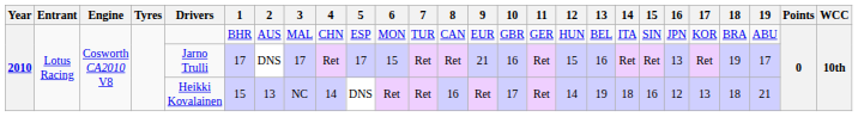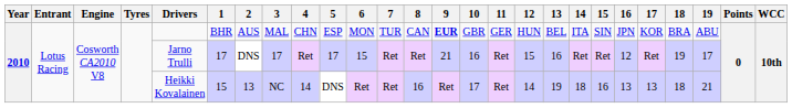 <table class="wikitable" border="1" style="text-align:center; font-size:95%;">
 <tr>
 <th>Year</th>
 <th>Entrant</th>
 <th>Engine</th>
 <th>Tyres</th>
 <th>Drivers</th>
 <th>1</th>
 <th>2</th>
 <th>3</th>
 <th>4</th>
 <th>5</th>
 <th>6</th>
 <th>7</th>
 <th>8</th>
 <th>9</th>
 <th>10</th>
 <th>11</th>
 <th>12</th>
 <th>13</th>
 <th>14</th>
 <th>15</th>
 <th>16</th>
 <th>17</th>
 <th>18</th>
 <th>19</th>
 <th>Points</th>
 <th>WCC</th>
 </tr>
 <tr>
 <th rowspan="3"><a href='#'>2010</a></th>
 <td rowspan="3"><a href='#'>Lotus Racing</a></td>
 <td rowspan="3"><a href='#'>Cosworth <em>CA2010</em></a> <a href='#'>V8</a></td>
 <td rowspan="3"></td>
 <td></td>
 <td><a href='#'>BHR</a></td>
 <td><a href='#'>AUS</a></td>
 <td><a href='#'>MAL</a></td>
 <td><a href='#'>CHN</a></td>
 <td><a href='#'>ESP</a></td>
 <td><a href='#'>MON</a></td>
 <td><a href='#'>TUR</a></td>
 <td><a href='#'>CAN</a></td>
-<td><a href='#'>EUR</a></td>
+<td><strong><a href='#'>EUR</a></strong></td>
 <td><a href='#'>GBR</a></td>
 <td><a href='#'>GER</a></td>
 <td><a href='#'>HUN</a></td>
 <td><a href='#'>BEL</a></td>
 <td><a href='#'>ITA</a></td>
 <td><a href='#'>SIN</a></td>
 <td><a href='#'>JPN</a></td>
 <td><a href='#'>KOR</a></td>
 <td><a href='#'>BRA</a></td>
 <td><a href='#'>ABU</a></td>
 <th rowspan="3">0</th>
 <th rowspan="3">10th</th>
 </tr>
 <tr>
 <td> <a href='#'>Jarno Trulli</a></td>
 <td style="background:#cfcfff;">17</td>
 <td style="background:#ffffff;">DNS</td>
 <td style="background:#CFCFFF;">17</td>
 <td style="background:#efcfff;">Ret</td>
 <td style="background:#CFCFFF;">17</td>
 <td style="background:#CFCFFF;">15</td>
 <td style="background:#efcfff;">Ret</td>
 <td style="background:#efcfff;">Ret</td>
 <td style="background:#CFCFFF;">21</td>
 <td style="background:#CFCFFF;">16</td>
 <td style="background:#efcfff;">Ret</td>
 <td style="background:#CFCFFF;">15</td>
 <td style="background:#CFCFFF;">16</td>
 <td style="background:#EFCFFF;">Ret</td>
 <td style="background:#EFCFFF;">Ret</td>
-<td style="background:#CFCFFF;">13</td>
+<td style="background:#CFCFFF;">12</td>
 <td style="background:#EFCFFF;">Ret</td>
 <td style="background:#CFCFFF;">19</td>
 <td style="background:#CFCFFF;">17</td>
 </tr>
 <tr>
 <td> <a href='#'>Heikki Kovalainen</a></td>
 <td style="background:#cfcfff;">15</td>
 <td style="background:#cfcfff;">13</td>
 <td style="background:#CFCFFF;">NC</td>
 <td style="background:#CFCFFF;">14</td>
 <td style="background:#ffffff;">DNS</td>
 <td style="background:#efcfff;">Ret</td>
 <td style="background:#efcfff;">Ret</td>
 <td style="background:#CFCFFF;">16</td>
 <td style="background:#efcfff;">Ret</td>
 <td style="background:#CFCFFF;">17</td>
 <td style="background:#efcfff;">Ret</td>
 <td style="background:#CFCFFF;">14</td>
 <td style="background:#CFCFFF;">19</td>
 <td style="background:#CFCFFF;">18</td>
 <td style="background:#CFCFFF;">16</td>
-<td style="background:#CFCFFF;">12</td>
+<td style="background:#CFCFFF;">13</td>
 <td style="background:#CFCFFF;">13</td>
 <td style="background:#CFCFFF;">18</td>
 <td style="background:#CFCFFF;">21</td>
 </tr>
 </table>
